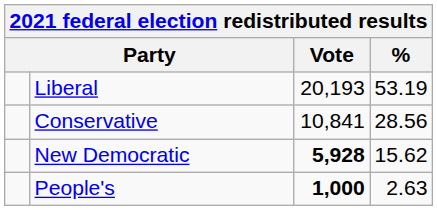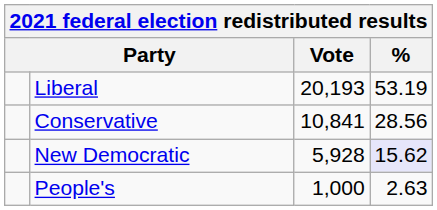 <table class="wikitable">
 <tr>
 <th colspan="4"><a href='#'>2021 federal election</a> redistributed results</th>
 </tr>
 <tr>
 <th bgcolor="#DDDDFF" width="130px" colspan="2">Party</th>
 <th bgcolor="#DDDDFF" width="50px">Vote</th>
 <th bgcolor="#DDDDFF" width="30px">%</th>
 </tr>
 <tr>
 <td> </td>
 <td><a href='#'>Liberal</a></td>
 <td align=right>20,193</td>
 <td align=right>53.19</td>
 </tr>
 <tr>
 <td> </td>
 <td><a href='#'>Conservative</a></td>
 <td align=right>10,841</td>
 <td align=right>28.56</td>
 </tr>
 <tr>
 <td> </td>
 <td><a href='#'>New Democratic</a></td>
-<td align=right><strong>5,928</strong></td>
-<td align=right>15.62</td>
+<td align=right>5,928</td>
+<td align=right style="background: lavender;">15.62</td>
 </tr>
 <tr>
 <td> </td>
 <td><a href='#'>People's</a></td>
-<td align=right><strong>1,000</strong></td>
+<td align=right>1,000</td>
 <td align=right>2.63</td>
 </tr>
 </table>
